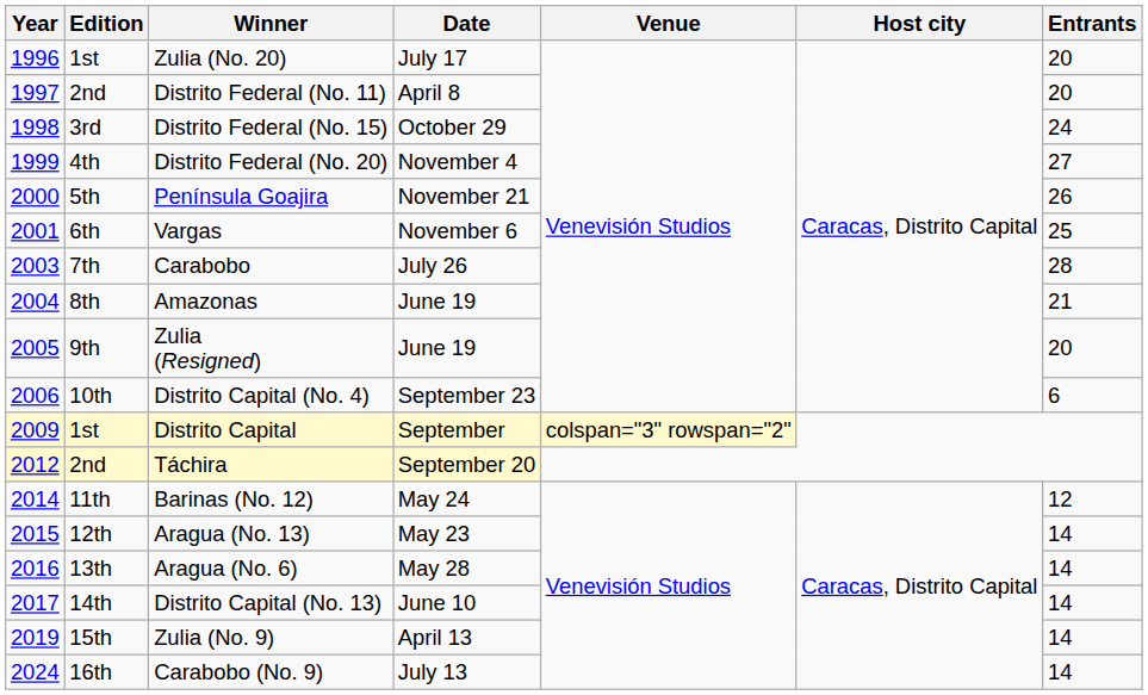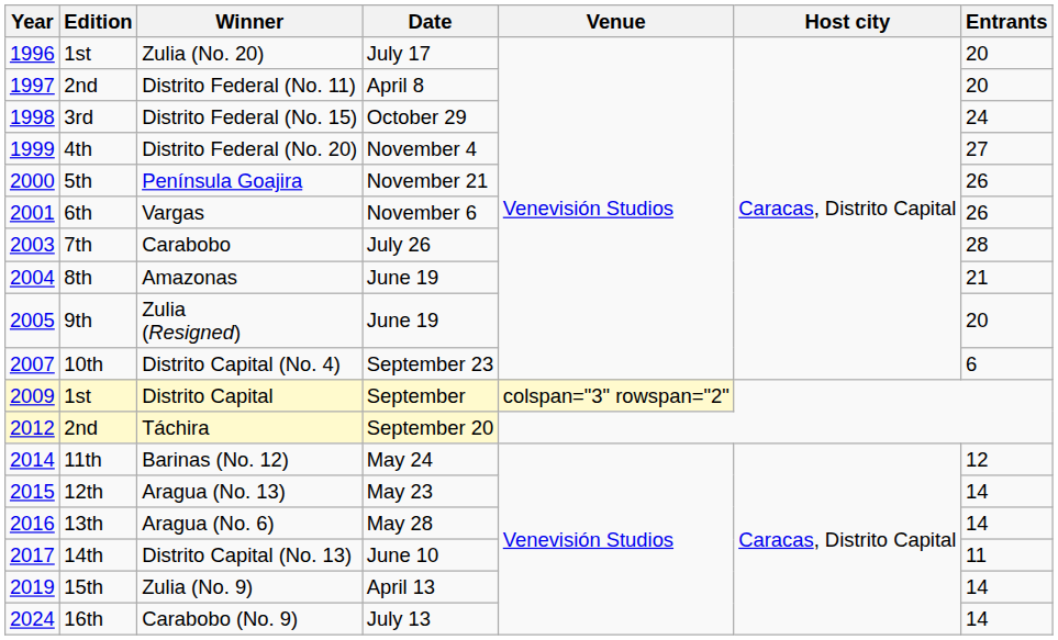 <table class="wikitable sortable" style="font-size: 95%;">
 <tr>
 <th>Year</th>
 <th>Edition</th>
 <th>Winner</th>
 <th>Date</th>
 <th>Venue</th>
 <th>Host city</th>
 <th>Entrants</th>
 </tr>
 <tr>
 <td><a href='#'>1996</a></td>
 <td>1st</td>
 <td>Zulia (No. 20)</td>
 <td>July 17</td>
 <td rowspan="10"><a href='#'>Venevisión Studios</a></td>
 <td rowspan="10"><a href='#'>Caracas</a>, Distrito Capital</td>
 <td>20</td>
 </tr>
 <tr>
 <td><a href='#'>1997</a></td>
 <td>2nd</td>
 <td>Distrito Federal (No. 11)</td>
 <td>April 8</td>
 <td>20</td>
 </tr>
 <tr>
 <td><a href='#'>1998</a></td>
 <td>3rd</td>
 <td>Distrito Federal (No. 15)</td>
 <td>October 29</td>
 <td>24</td>
 </tr>
 <tr>
 <td><a href='#'>1999</a></td>
 <td>4th</td>
 <td>Distrito Federal (No. 20)</td>
 <td>November 4</td>
 <td>27</td>
 </tr>
 <tr>
 <td><a href='#'>2000</a></td>
 <td>5th</td>
 <td><a href='#'>Península Goajira</a></td>
 <td>November 21</td>
 <td>26</td>
 </tr>
 <tr>
 <td><a href='#'>2001</a></td>
 <td>6th</td>
 <td>Vargas</td>
 <td>November 6</td>
-<td>25</td>
+<td>26</td>
 </tr>
 <tr>
 <td><a href='#'>2003</a></td>
 <td>7th</td>
 <td>Carabobo</td>
 <td>July 26</td>
 <td>28</td>
 </tr>
 <tr>
 <td><a href='#'>2004</a></td>
 <td>8th</td>
 <td>Amazonas</td>
 <td>June 19</td>
 <td>21</td>
 </tr>
 <tr>
 <td><a href='#'>2005</a></td>
 <td>9th</td>
 <td>Zulia<br>(<em>Resigned</em>)</td>
 <td>June 19</td>
 <td>20</td>
 </tr>
 <tr>
-<td><a href='#'>2006</a></td>
+<td><a href='#'>2007</a></td>
 <td>10th</td>
 <td>Distrito Capital (No. 4)</td>
 <td>September 23</td>
 <td>6</td>
 </tr>
 <tr style="background: #FFFACD;" |>
 <td><a href='#'>2009</a></td>
 <td>1st</td>
 <td>Distrito Capital</td>
 <td>September</td>
 <td>colspan="3" rowspan="2" </td>
 </tr>
 <tr style="background: #FFFACD;" |>
 <td><a href='#'>2012</a></td>
 <td>2nd</td>
 <td>Táchira</td>
 <td>September 20</td>
 </tr>
 <tr>
 <td><a href='#'>2014</a></td>
 <td>11th</td>
 <td>Barinas (No. 12)</td>
 <td>May 24</td>
 <td rowspan="6"><a href='#'>Venevisión Studios</a></td>
 <td rowspan="6"><a href='#'>Caracas</a>, Distrito Capital</td>
 <td>12</td>
 </tr>
 <tr>
 <td><a href='#'>2015</a></td>
 <td>12th</td>
 <td>Aragua (No. 13)</td>
 <td>May 23</td>
 <td>14</td>
 </tr>
 <tr>
 <td><a href='#'>2016</a></td>
 <td>13th</td>
 <td>Aragua (No. 6)</td>
 <td>May 28</td>
 <td>14</td>
 </tr>
 <tr>
 <td><a href='#'>2017</a></td>
 <td>14th</td>
 <td>Distrito Capital (No. 13)</td>
 <td>June 10</td>
-<td>14</td>
+<td>11</td>
 </tr>
 <tr>
 <td><a href='#'>2019</a></td>
 <td>15th</td>
 <td>Zulia (No. 9)</td>
 <td>April 13</td>
 <td>14</td>
 </tr>
 <tr>
 <td><a href='#'>2024</a></td>
 <td>16th</td>
 <td>Carabobo (No. 9)</td>
 <td>July 13</td>
 <td>14</td>
 </tr>
 </table>
